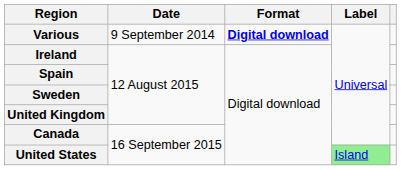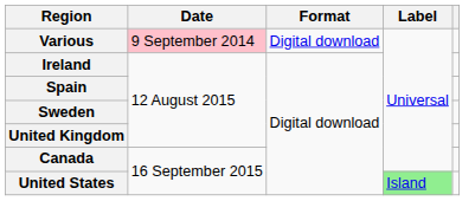 <table class="wikitable plainrowheaders">
 <tr>
 <th scope="col">Region</th>
 <th scope="col">Date</th>
 <th scope="col">Format</th>
 <th scope="col">Label</th>
 <th scope="col"></th>
 </tr>
 <tr>
 <th scope="row">Various</th>
-<td>9 September 2014</td>
-<td><strong><a href='#'>Digital download</a> </strong></td>
+<td style="background: pink;">9 September 2014</td>
+<td><a href='#'>Digital download</a> </td>
 <td rowspan="6"><a href='#'>Universal</a></td>
 <td align="center"></td>
 </tr>
 <tr>
 <th scope="row">Ireland</th>
 <td rowspan="4">12 August 2015</td>
 <td rowspan="6">Digital download </td>
 <td align="center"></td>
 </tr>
 <tr>
 <th scope="row">Spain</th>
 <td align="center"></td>
 </tr>
 <tr>
 <th scope="row">Sweden</th>
 <td align="center"></td>
 </tr>
 <tr>
 <th scope="row">United Kingdom</th>
 <td align="center"></td>
 </tr>
 <tr>
 <th scope="row">Canada</th>
 <td rowspan="2">16 September 2015</td>
 <td align="center"></td>
 </tr>
 <tr>
 <th scope="row">United States</th>
 <td style="background: lightgreen;"><a href='#'>Island</a></td>
 <td align="center"></td>
 </tr>
 </table>
